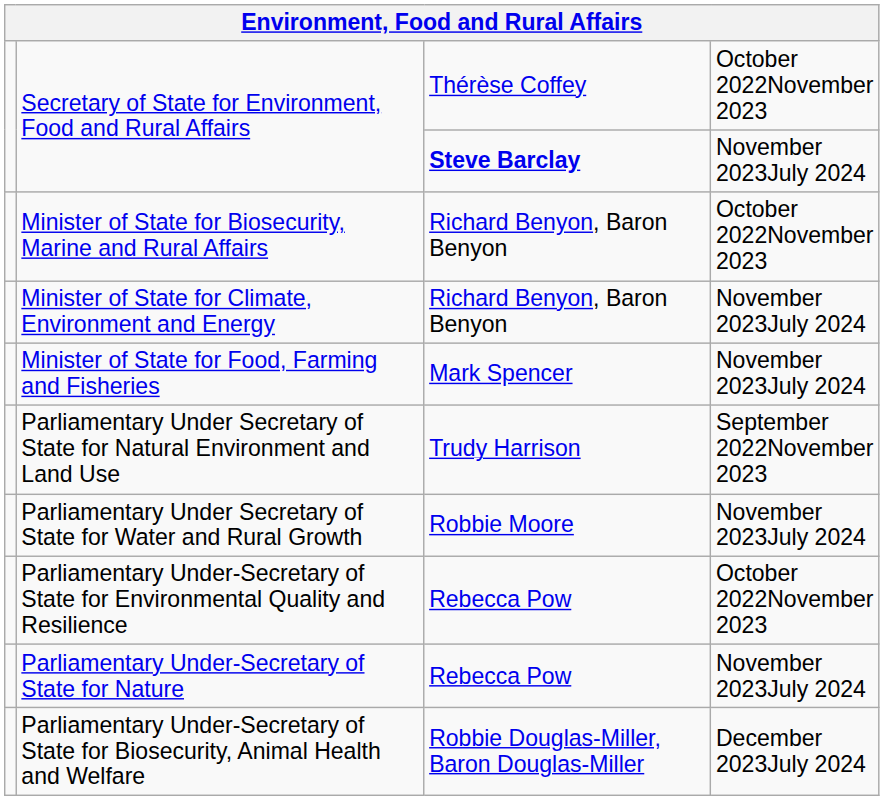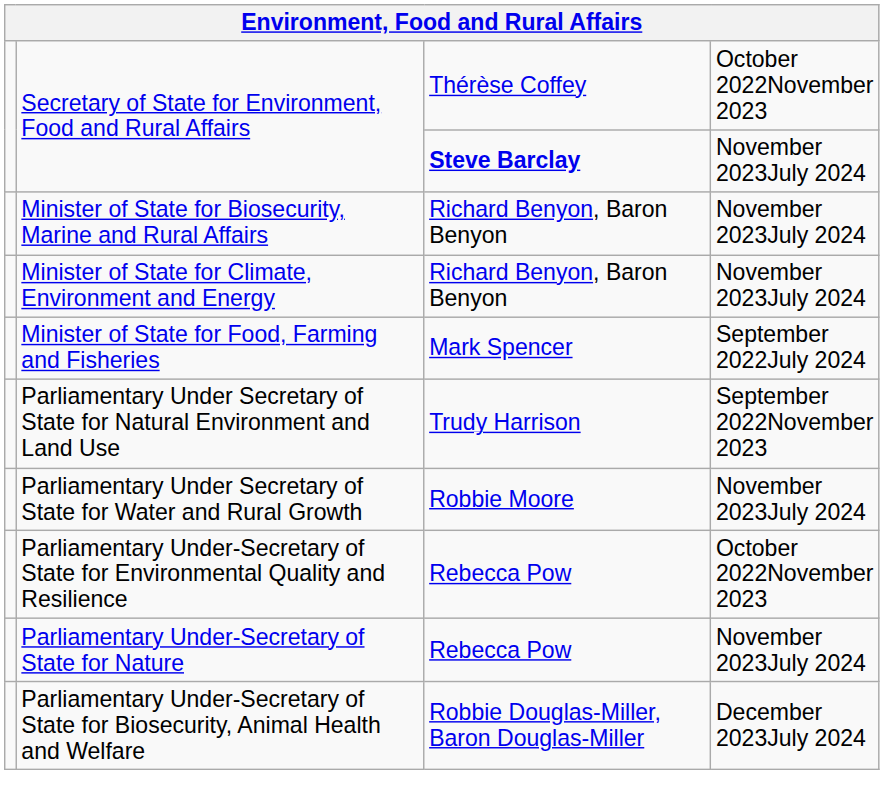 <table class="wikitable">
 <tr>
 <th colspan="4"><a href='#'>Environment, Food and Rural Affairs</a></th>
 </tr>
 <tr>
 <td rowspan="2" style="width: 1px; background: "></td>
 <td rowspan="2" style="width: 450px;"><a href='#'>Secretary of State for Environment, Food and Rural Affairs</a></td>
 <td style="width: 320px;"><a href='#'>Thérèse Coffey</a></td>
 <td>October 2022November 2023</td>
 </tr>
 <tr>
 <td style="width: 320px;"><strong><a href='#'>Steve Barclay</a></strong></td>
 <td>November 2023July 2024</td>
 </tr>
 <tr>
 <td rowspan="1" style="width: 1px; background: "></td>
 <td rowspan="1"><a href='#'>Minister of State for Biosecurity, Marine and Rural Affairs</a></td>
 <td><a href='#'>Richard Benyon</a>, Baron Benyon </td>
-<td>October 2022November 2023</td>
+<td>November 2023July 2024</td>
 </tr>
 <tr>
 <td rowspan="1" style="width: 1px; background: "></td>
 <td rowspan="1"><a href='#'>Minister of State for Climate, Environment and Energy</a></td>
 <td><a href='#'>Richard Benyon</a>, Baron Benyon </td>
 <td>November 2023July 2024</td>
 </tr>
 <tr>
 <td style="width: 1px; background: "></td>
 <td><a href='#'>Minister of State for Food, Farming and Fisheries</a></td>
 <td><a href='#'>Mark Spencer</a></td>
-<td>November 2023July 2024</td>
+<td>September 2022July 2024</td>
 </tr>
 <tr>
 <td rowspan="1" style="width: 1px; background: "></td>
 <td rowspan=1>Parliamentary Under Secretary of State for Natural Environment and Land Use</td>
 <td style="width: 320px;"><a href='#'>Trudy Harrison</a></td>
 <td>September 2022November 2023</td>
 </tr>
 <tr>
 <td rowspan="1" style="width: 1px; background: "></td>
 <td rowspan=1>Parliamentary Under Secretary of State for Water and Rural Growth</td>
 <td style="width: 320px;"><a href='#'>Robbie Moore</a></td>
 <td>November 2023July 2024</td>
 </tr>
 <tr>
 <td rowspan="1" style="width: 1px; background: "></td>
 <td rowspan="1">Parliamentary Under-Secretary of State for Environmental Quality and Resilience</td>
 <td><a href='#'>Rebecca Pow</a></td>
 <td>October 2022November 2023</td>
 </tr>
 <tr>
 <td rowspan="1" style="width: 1px; background: "></td>
 <td rowspan="1"><a href='#'>Parliamentary Under-Secretary of State for Nature</a></td>
 <td><a href='#'>Rebecca Pow</a></td>
 <td>November 2023July 2024</td>
 </tr>
 <tr>
 <td rowspan="1" style="width: 1px; background: "></td>
 <td rowspan="1">Parliamentary Under-Secretary of State for Biosecurity, Animal Health and Welfare</td>
 <td><a href='#'>Robbie Douglas-Miller, Baron Douglas-Miller</a> </td>
 <td>December 2023July 2024</td>
 </tr>
 </table>
